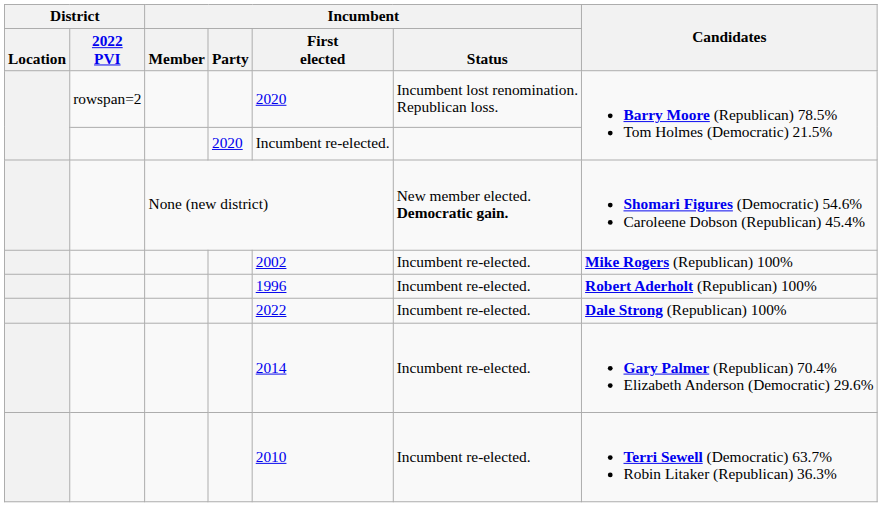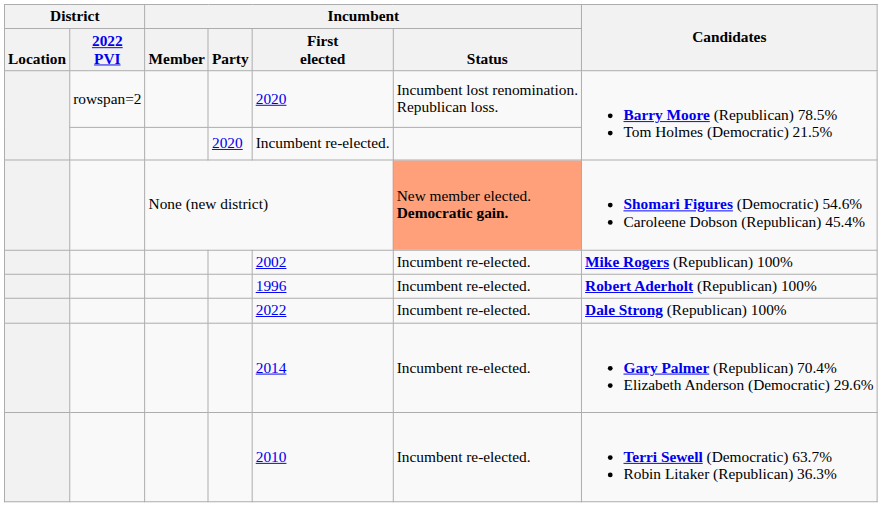 <table class="wikitable sortable">
 <tr>
 <th colspan=2>District</th>
 <th colspan=4>Incumbent</th>
 <th rowspan=2 class="unsortable">Candidates</th>
 </tr>
 <tr valign=bottom>
 <th>Location</th>
 <th><a href='#'>2022<br>PVI</a></th>
 <th>Member</th>
 <th>Party</th>
 <th>First<br>elected</th>
 <th>Status</th>
 </tr>
 <tr>
 <th rowspan=2></th>
 <td>rowspan=2 </td>
 <td></td>
 <td></td>
 <td><a href='#'>2020</a></td>
 <td>Incumbent lost renomination.<br>Republican loss.</td>
 <td rowspan=2 nowrap><br><ul><li> <strong><a href='#'>Barry Moore</a></strong> (Republican) 78.5%</li><li>Tom Holmes (Democratic) 21.5%</li></ul></td>
 </tr>
 <tr>
 <td><br></td>
 <td></td>
 <td><a href='#'>2020</a></td>
 <td>Incumbent re-elected.</td>
 </tr>
 <tr>
 <th></th>
 <td></td>
 <td colspan=3>None (new district)</td>
-<td>New member elected.<br><strong>Democratic gain.</strong></td>
+<td style="background: lightsalmon;">New member elected.<br><strong>Democratic gain.</strong></td>
 <td nowrap><br><ul><li> <strong><a href='#'>Shomari Figures</a></strong> (Democratic) 54.6%</li><li>Caroleene Dobson (Republican) 45.4%</li></ul></td>
 </tr>
 <tr>
 <th></th>
 <td></td>
 <td></td>
 <td></td>
 <td><a href='#'>2002</a></td>
 <td>Incumbent re-elected.</td>
 <td nowrap> <strong><a href='#'>Mike Rogers</a></strong> (Republican) 100%</td>
 </tr>
 <tr>
 <th></th>
 <td></td>
 <td></td>
 <td></td>
 <td><a href='#'>1996</a></td>
 <td>Incumbent re-elected.</td>
 <td nowrap> <strong><a href='#'>Robert Aderholt</a></strong> (Republican) 100%</td>
 </tr>
 <tr>
 <th></th>
 <td></td>
 <td></td>
 <td></td>
 <td><a href='#'>2022</a></td>
 <td>Incumbent re-elected.</td>
 <td nowrap> <strong><a href='#'>Dale Strong</a></strong> (Republican) 100%</td>
 </tr>
 <tr>
 <th></th>
 <td></td>
 <td></td>
 <td></td>
 <td><a href='#'>2014</a></td>
 <td>Incumbent re-elected.</td>
 <td nowrap><br><ul><li> <strong><a href='#'>Gary Palmer</a></strong> (Republican) 70.4%</li><li>Elizabeth Anderson (Democratic) 29.6%</li></ul></td>
 </tr>
 <tr>
 <th></th>
 <td></td>
 <td></td>
 <td></td>
 <td><a href='#'>2010</a></td>
 <td>Incumbent re-elected.</td>
 <td nowrap><br><ul><li> <strong><a href='#'>Terri Sewell</a></strong> (Democratic) 63.7%</li><li>Robin Litaker (Republican) 36.3%</li></ul></td>
 </tr>
 </table>
